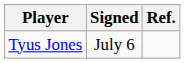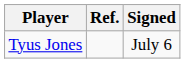 <table class="wikitable sortable sortable" style="text-align: center">
 <tr>
 <th>Player</th>
+<th>Ref.</th>
 <th>Signed</th>
-<th>Ref.</th>
 </tr>
 <tr>
 <td><a href='#'>Tyus Jones</a></td>
+<td></td>
 <td>July 6</td>
-<td></td>
 </tr>
 </table>
